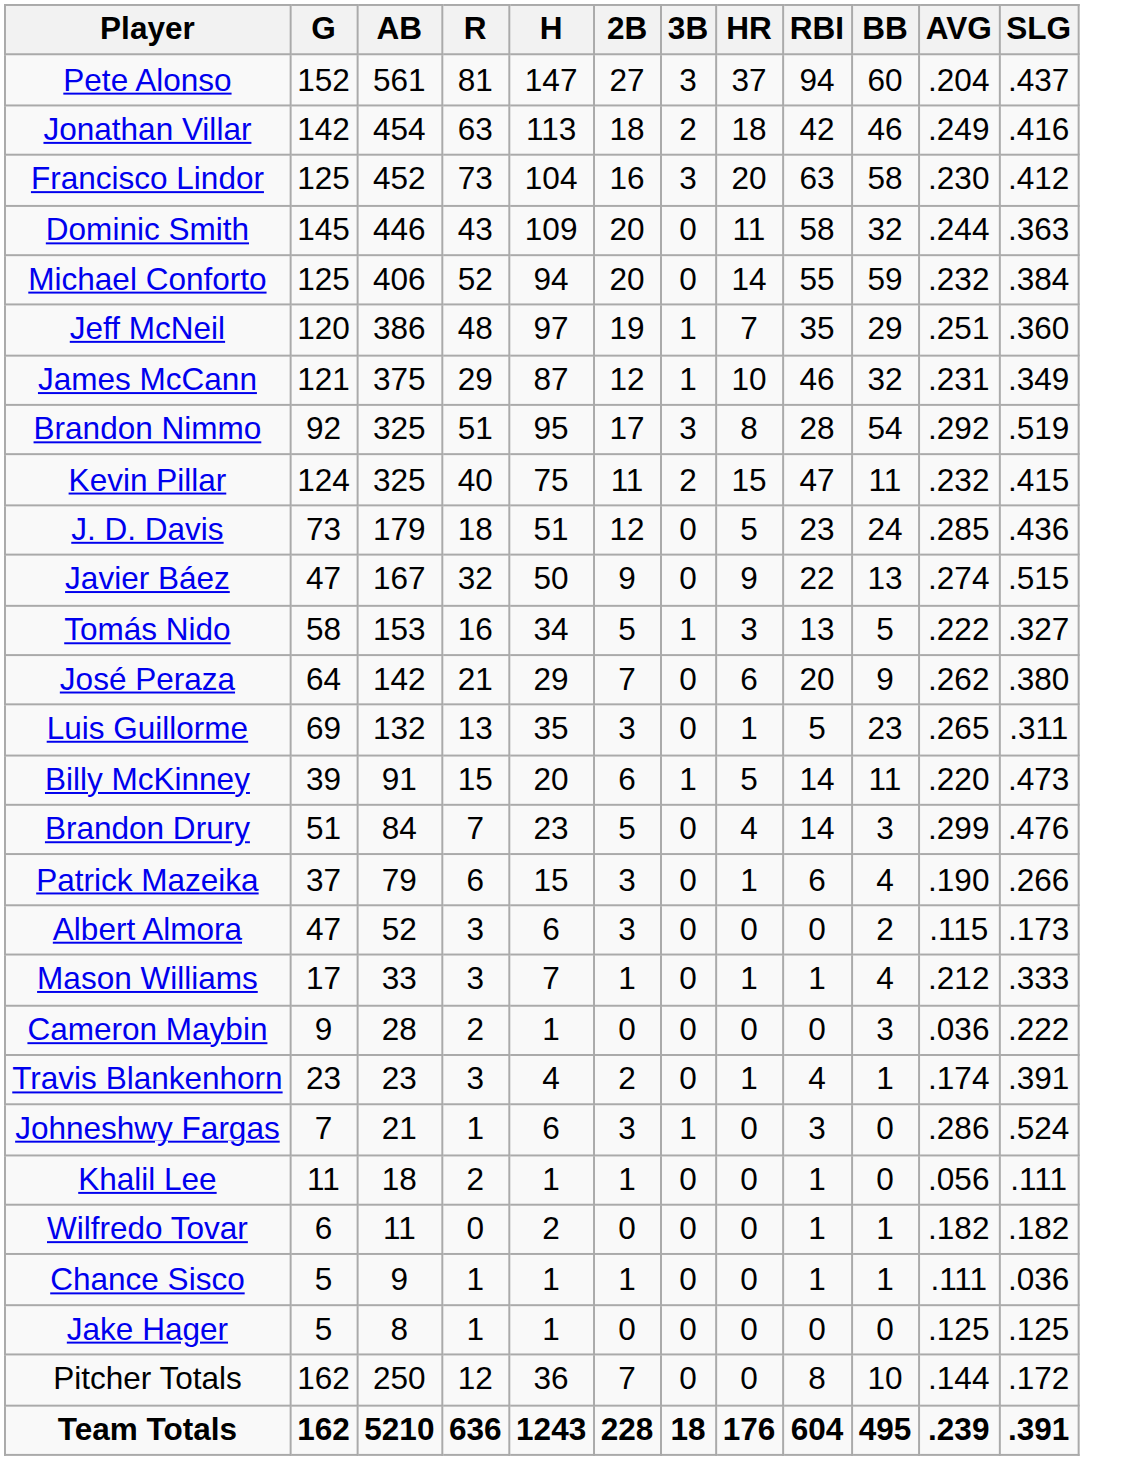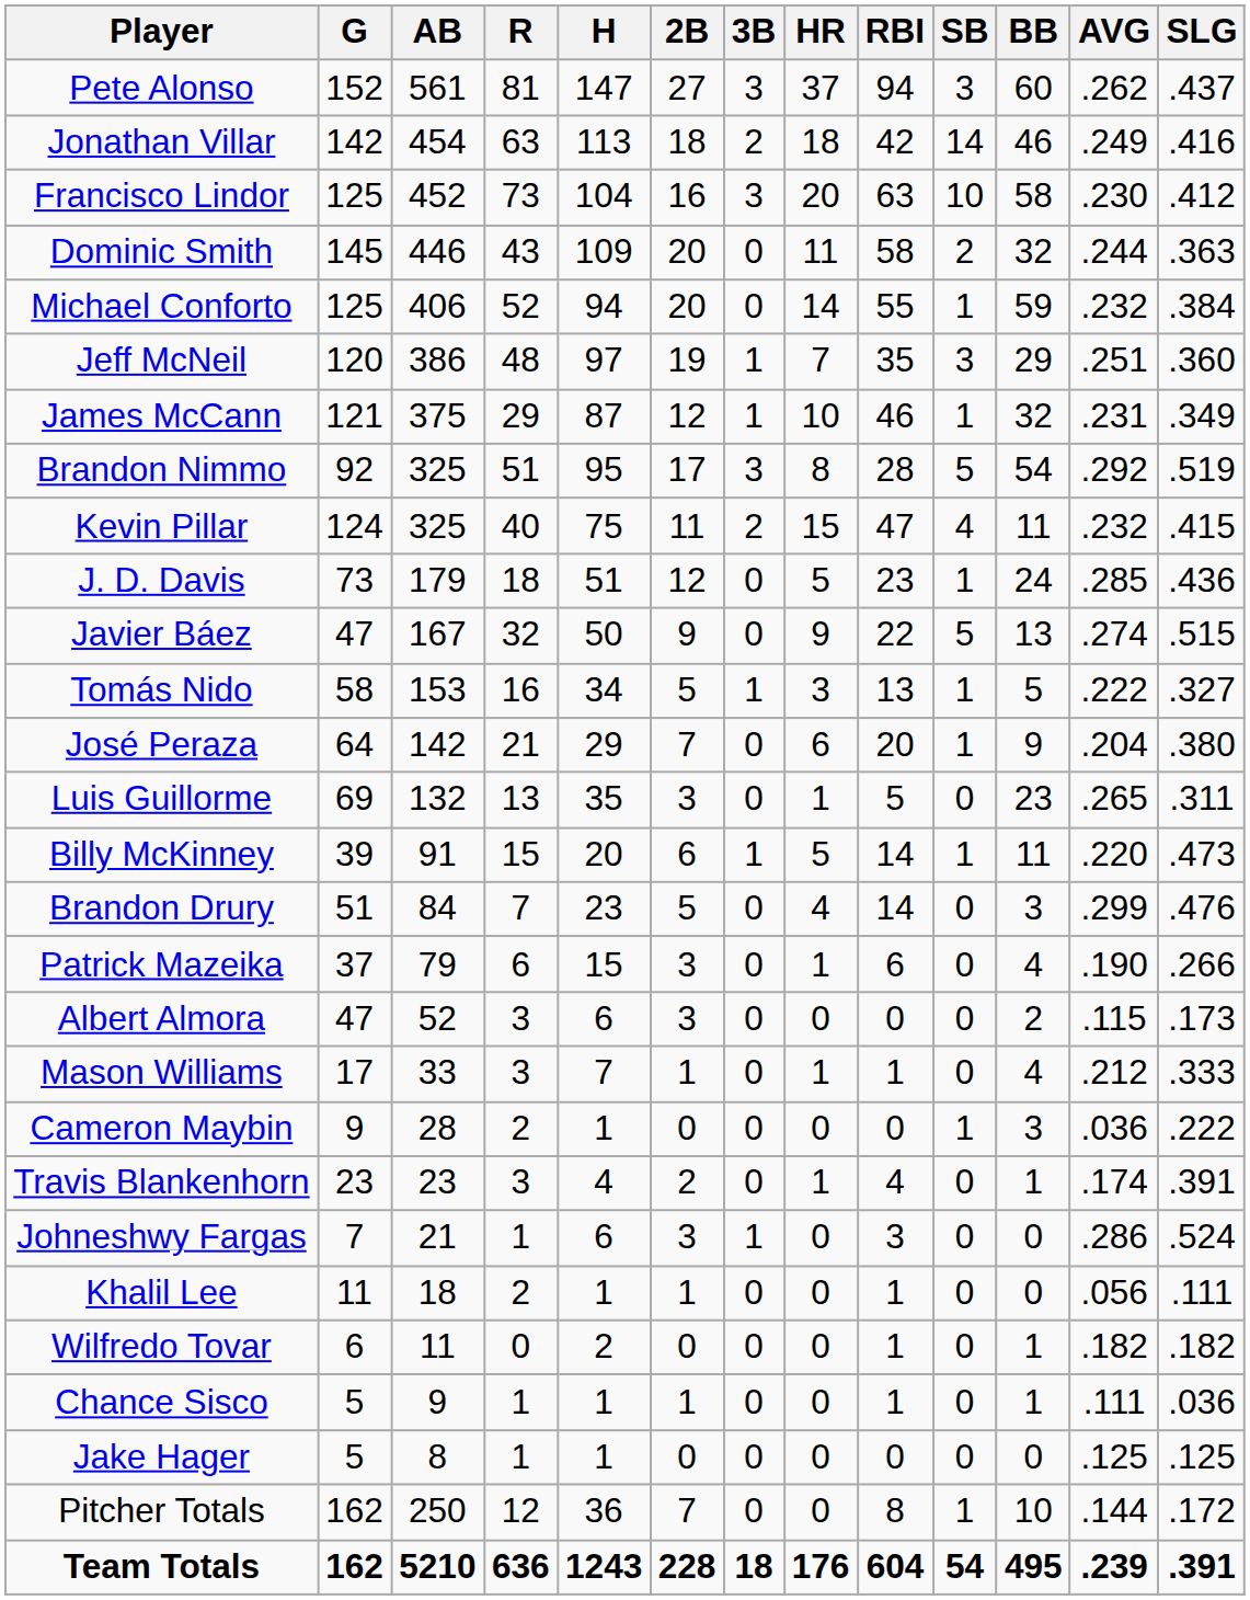 <table class=wikitable style="text-align:center">
 <tr>
 <th>Player</th>
 <th>G</th>
 <th>AB</th>
 <th>R</th>
 <th>H</th>
 <th>2B</th>
 <th>3B</th>
 <th>HR</th>
 <th>RBI</th>
+<th>SB</th>
 <th>BB</th>
 <th>AVG</th>
 <th>SLG</th>
 </tr>
 <tr>
 <td><a href='#'>Pete Alonso</a></td>
 <td>152</td>
 <td>561</td>
 <td>81</td>
 <td>147</td>
 <td>27</td>
 <td>3</td>
 <td>37</td>
 <td>94</td>
+<td>3</td>
 <td>60</td>
-<td>.204</td>
+<td>.262</td>
 <td>.437</td>
 </tr>
 <tr>
 <td><a href='#'>Jonathan Villar</a></td>
 <td>142</td>
 <td>454</td>
 <td>63</td>
 <td>113</td>
 <td>18</td>
 <td>2</td>
 <td>18</td>
 <td>42</td>
+<td>14</td>
 <td>46</td>
 <td>.249</td>
 <td>.416</td>
 </tr>
 <tr>
 <td><a href='#'>Francisco Lindor</a></td>
 <td>125</td>
 <td>452</td>
 <td>73</td>
 <td>104</td>
 <td>16</td>
 <td>3</td>
 <td>20</td>
 <td>63</td>
+<td>10</td>
 <td>58</td>
 <td>.230</td>
 <td>.412</td>
 </tr>
 <tr>
 <td><a href='#'>Dominic Smith</a></td>
 <td>145</td>
 <td>446</td>
 <td>43</td>
 <td>109</td>
 <td>20</td>
 <td>0</td>
 <td>11</td>
 <td>58</td>
+<td>2</td>
 <td>32</td>
 <td>.244</td>
 <td>.363</td>
 </tr>
 <tr>
 <td><a href='#'>Michael Conforto</a></td>
 <td>125</td>
 <td>406</td>
 <td>52</td>
 <td>94</td>
 <td>20</td>
 <td>0</td>
 <td>14</td>
 <td>55</td>
+<td>1</td>
 <td>59</td>
 <td>.232</td>
 <td>.384</td>
 </tr>
 <tr>
 <td><a href='#'>Jeff McNeil</a></td>
 <td>120</td>
 <td>386</td>
 <td>48</td>
 <td>97</td>
 <td>19</td>
 <td>1</td>
 <td>7</td>
 <td>35</td>
+<td>3</td>
 <td>29</td>
 <td>.251</td>
 <td>.360</td>
 </tr>
 <tr>
 <td><a href='#'>James McCann</a></td>
 <td>121</td>
 <td>375</td>
 <td>29</td>
 <td>87</td>
 <td>12</td>
 <td>1</td>
 <td>10</td>
 <td>46</td>
+<td>1</td>
 <td>32</td>
 <td>.231</td>
 <td>.349</td>
 </tr>
 <tr>
 <td><a href='#'>Brandon Nimmo</a></td>
 <td>92</td>
 <td>325</td>
 <td>51</td>
 <td>95</td>
 <td>17</td>
 <td>3</td>
 <td>8</td>
 <td>28</td>
+<td>5</td>
 <td>54</td>
 <td>.292</td>
 <td>.519</td>
 </tr>
 <tr>
 <td><a href='#'>Kevin Pillar</a></td>
 <td>124</td>
 <td>325</td>
 <td>40</td>
 <td>75</td>
 <td>11</td>
 <td>2</td>
 <td>15</td>
 <td>47</td>
+<td>4</td>
 <td>11</td>
 <td>.232</td>
 <td>.415</td>
 </tr>
 <tr>
 <td><a href='#'>J. D. Davis</a></td>
 <td>73</td>
 <td>179</td>
 <td>18</td>
 <td>51</td>
 <td>12</td>
 <td>0</td>
 <td>5</td>
 <td>23</td>
+<td>1</td>
 <td>24</td>
 <td>.285</td>
 <td>.436</td>
 </tr>
 <tr>
 <td><a href='#'>Javier Báez</a></td>
 <td>47</td>
 <td>167</td>
 <td>32</td>
 <td>50</td>
 <td>9</td>
 <td>0</td>
 <td>9</td>
 <td>22</td>
+<td>5</td>
 <td>13</td>
 <td>.274</td>
 <td>.515</td>
 </tr>
 <tr>
 <td><a href='#'>Tomás Nido</a></td>
 <td>58</td>
 <td>153</td>
 <td>16</td>
 <td>34</td>
 <td>5</td>
 <td>1</td>
 <td>3</td>
 <td>13</td>
+<td>1</td>
 <td>5</td>
 <td>.222</td>
 <td>.327</td>
 </tr>
 <tr>
 <td><a href='#'>José Peraza</a></td>
 <td>64</td>
 <td>142</td>
 <td>21</td>
 <td>29</td>
 <td>7</td>
 <td>0</td>
 <td>6</td>
 <td>20</td>
+<td>1</td>
 <td>9</td>
-<td>.262</td>
+<td>.204</td>
 <td>.380</td>
 </tr>
 <tr>
 <td><a href='#'>Luis Guillorme</a></td>
 <td>69</td>
 <td>132</td>
 <td>13</td>
 <td>35</td>
 <td>3</td>
 <td>0</td>
 <td>1</td>
 <td>5</td>
+<td>0</td>
 <td>23</td>
 <td>.265</td>
 <td>.311</td>
 </tr>
 <tr>
 <td><a href='#'>Billy McKinney</a></td>
 <td>39</td>
 <td>91</td>
 <td>15</td>
 <td>20</td>
 <td>6</td>
 <td>1</td>
 <td>5</td>
 <td>14</td>
+<td>1</td>
 <td>11</td>
 <td>.220</td>
 <td>.473</td>
 </tr>
 <tr>
 <td><a href='#'>Brandon Drury</a></td>
 <td>51</td>
 <td>84</td>
 <td>7</td>
 <td>23</td>
 <td>5</td>
 <td>0</td>
 <td>4</td>
 <td>14</td>
+<td>0</td>
 <td>3</td>
 <td>.299</td>
 <td>.476</td>
 </tr>
 <tr>
 <td><a href='#'>Patrick Mazeika</a></td>
 <td>37</td>
 <td>79</td>
 <td>6</td>
 <td>15</td>
 <td>3</td>
 <td>0</td>
 <td>1</td>
 <td>6</td>
+<td>0</td>
 <td>4</td>
 <td>.190</td>
 <td>.266</td>
 </tr>
 <tr>
 <td><a href='#'>Albert Almora</a></td>
 <td>47</td>
 <td>52</td>
 <td>3</td>
 <td>6</td>
 <td>3</td>
+<td>0</td>
 <td>0</td>
 <td>0</td>
 <td>0</td>
 <td>2</td>
 <td>.115</td>
 <td>.173</td>
 </tr>
 <tr>
 <td><a href='#'>Mason Williams</a></td>
 <td>17</td>
 <td>33</td>
 <td>3</td>
 <td>7</td>
 <td>1</td>
 <td>0</td>
 <td>1</td>
 <td>1</td>
+<td>0</td>
 <td>4</td>
 <td>.212</td>
 <td>.333</td>
 </tr>
 <tr>
 <td><a href='#'>Cameron Maybin</a></td>
 <td>9</td>
 <td>28</td>
 <td>2</td>
 <td>1</td>
 <td>0</td>
 <td>0</td>
 <td>0</td>
 <td>0</td>
+<td>1</td>
 <td>3</td>
 <td>.036</td>
 <td>.222</td>
 </tr>
 <tr>
 <td><a href='#'>Travis Blankenhorn</a></td>
 <td>23</td>
 <td>23</td>
 <td>3</td>
 <td>4</td>
 <td>2</td>
 <td>0</td>
 <td>1</td>
 <td>4</td>
+<td>0</td>
 <td>1</td>
 <td>.174</td>
 <td>.391</td>
 </tr>
 <tr>
 <td><a href='#'>Johneshwy Fargas</a></td>
 <td>7</td>
 <td>21</td>
 <td>1</td>
 <td>6</td>
 <td>3</td>
 <td>1</td>
 <td>0</td>
 <td>3</td>
 <td>0</td>
+<td>0</td>
 <td>.286</td>
 <td>.524</td>
 </tr>
 <tr>
 <td><a href='#'>Khalil Lee</a></td>
 <td>11</td>
 <td>18</td>
 <td>2</td>
 <td>1</td>
 <td>1</td>
 <td>0</td>
 <td>0</td>
 <td>1</td>
 <td>0</td>
+<td>0</td>
 <td>.056</td>
 <td>.111</td>
 </tr>
 <tr>
 <td><a href='#'>Wilfredo Tovar</a></td>
 <td>6</td>
 <td>11</td>
 <td>0</td>
 <td>2</td>
 <td>0</td>
 <td>0</td>
 <td>0</td>
 <td>1</td>
+<td>0</td>
 <td>1</td>
 <td>.182</td>
 <td>.182</td>
 </tr>
 <tr>
 <td><a href='#'>Chance Sisco</a></td>
 <td>5</td>
 <td>9</td>
 <td>1</td>
 <td>1</td>
 <td>1</td>
 <td>0</td>
 <td>0</td>
 <td>1</td>
+<td>0</td>
 <td>1</td>
 <td>.111</td>
 <td>.036</td>
 </tr>
 <tr>
 <td><a href='#'>Jake Hager</a></td>
 <td>5</td>
 <td>8</td>
 <td>1</td>
 <td>1</td>
+<td>0</td>
 <td>0</td>
 <td>0</td>
 <td>0</td>
 <td>0</td>
 <td>0</td>
 <td>.125</td>
 <td>.125</td>
 </tr>
 <tr>
 <td>Pitcher Totals</td>
 <td>162</td>
 <td>250</td>
 <td>12</td>
 <td>36</td>
 <td>7</td>
 <td>0</td>
 <td>0</td>
 <td>8</td>
+<td>1</td>
 <td>10</td>
 <td>.144</td>
 <td>.172</td>
 </tr>
 <tr>
 <td><strong>Team Totals</strong></td>
 <td><strong>162</strong></td>
 <td><strong>5210</strong></td>
 <td><strong>636</strong></td>
 <td><strong>1243</strong></td>
 <td><strong>228</strong></td>
 <td><strong>18</strong></td>
 <td><strong>176</strong></td>
 <td><strong>604</strong></td>
+<td><strong>54</strong></td>
 <td><strong>495</strong></td>
 <td><strong>.239</strong></td>
 <td><strong>.391</strong></td>
 </tr>
 </table>
